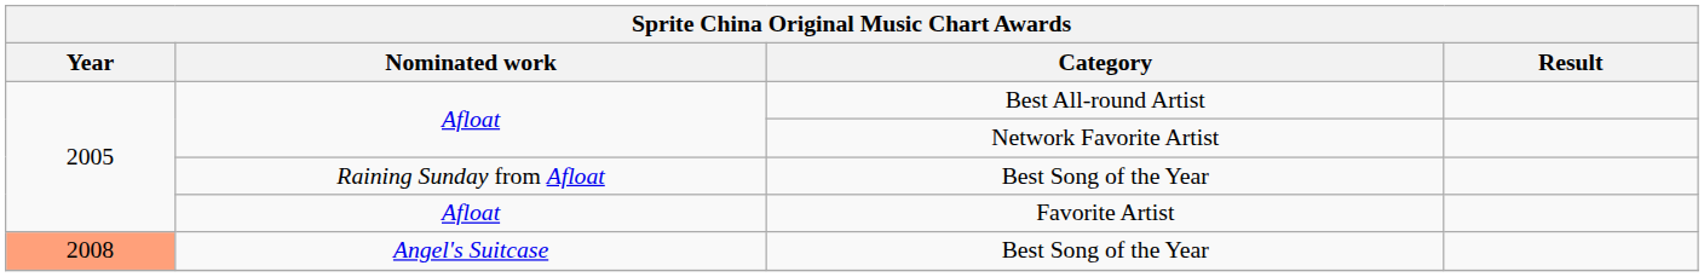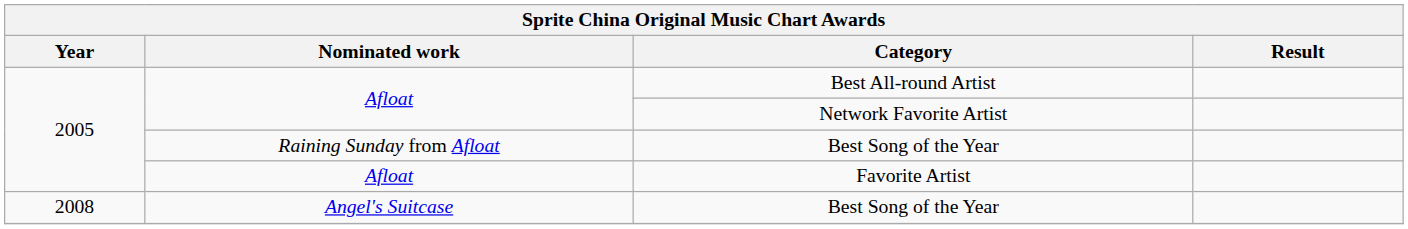 <table width="90%" class="wikitable">
 <tr>
 <th colspan="4" align="center">Sprite China Original Music Chart Awards</th>
 </tr>
 <tr>
 <th width="10%">Year</th>
 <th width="35%">Nominated work</th>
 <th width="40%">Category</th>
 <th width="15%">Result</th>
 </tr>
 <tr>
 <td align="center" rowspan=4>2005</td>
 <td align="center" rowspan=2><em><a href='#'>Afloat</a></em></td>
 <td align="center">Best All-round Artist</td>
 <td></td>
 </tr>
 <tr>
 <td align="center">Network Favorite Artist</td>
 <td></td>
 </tr>
 <tr>
 <td align="center"><em>Raining Sunday</em> from <em><a href='#'>Afloat</a></em></td>
 <td align="center">Best Song of the Year</td>
 <td></td>
 </tr>
 <tr>
 <td align="center"><em><a href='#'>Afloat</a></em></td>
 <td align="center">Favorite Artist</td>
 <td></td>
 </tr>
 <tr>
-<td align="center" style="background: lightsalmon;">2008</td>
+<td align="center">2008</td>
 <td align="center"><em><a href='#'>Angel's Suitcase</a></em></td>
 <td align="center">Best Song of the Year</td>
 <td></td>
 </tr>
 <tr>
 </tr>
 </table>
